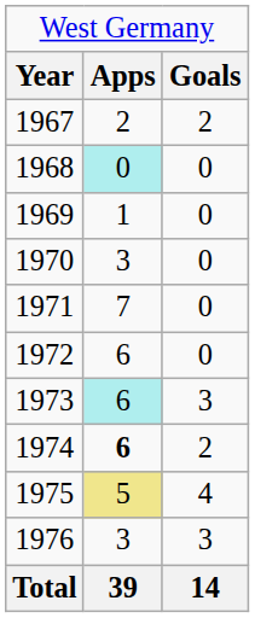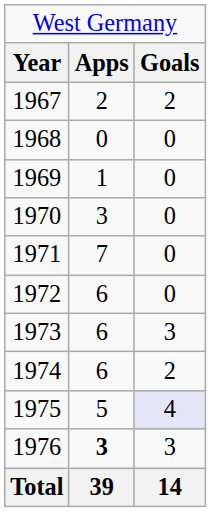 <table class="wikitable" style="text-align:center">
 <tr>
 <td colspan=3><a href='#'>West Germany</a></td>
 </tr>
 <tr>
 <th>Year</th>
 <th>Apps</th>
 <th>Goals</th>
 </tr>
 <tr>
 <td>1967</td>
 <td>2</td>
 <td>2</td>
 </tr>
 <tr>
 <td>1968</td>
-<td style="background: paleturquoise;">0</td>
+<td>0</td>
 <td>0</td>
 </tr>
 <tr>
 <td>1969</td>
 <td>1</td>
 <td>0</td>
 </tr>
 <tr>
 <td>1970</td>
 <td>3</td>
 <td>0</td>
 </tr>
 <tr>
 <td>1971</td>
 <td>7</td>
 <td>0</td>
 </tr>
 <tr>
 <td>1972</td>
 <td>6</td>
 <td>0</td>
 </tr>
 <tr>
 <td>1973</td>
-<td style="background: paleturquoise;">6</td>
+<td>6</td>
 <td>3</td>
 </tr>
 <tr>
 <td>1974</td>
-<td><strong>6</strong></td>
+<td>6</td>
 <td>2</td>
 </tr>
 <tr>
 <td>1975</td>
-<td style="background: khaki;">5</td>
-<td>4</td>
+<td>5</td>
+<td style="background: lavender;">4</td>
 </tr>
 <tr>
 <td>1976</td>
-<td>3</td>
+<td><strong>3</strong></td>
 <td>3</td>
 </tr>
 <tr>
 <th>Total</th>
 <th>39</th>
 <th>14</th>
 </tr>
 </table>
